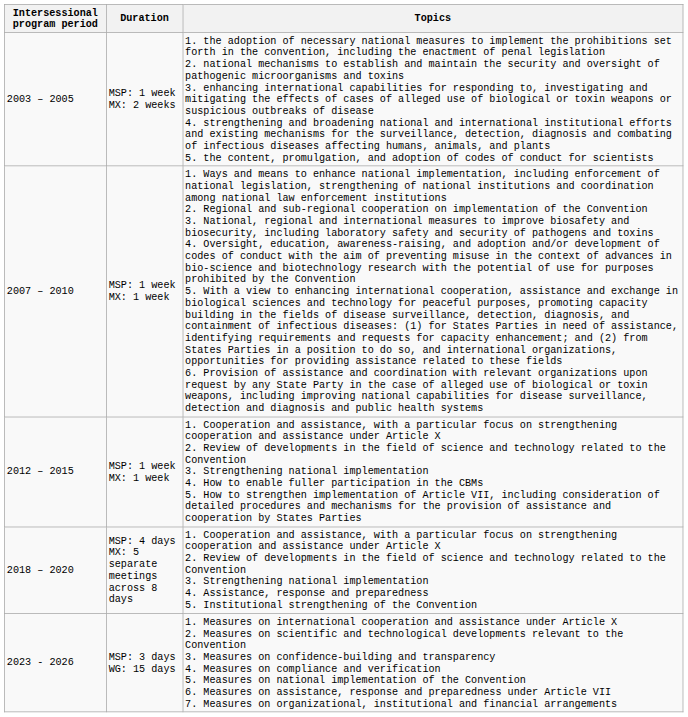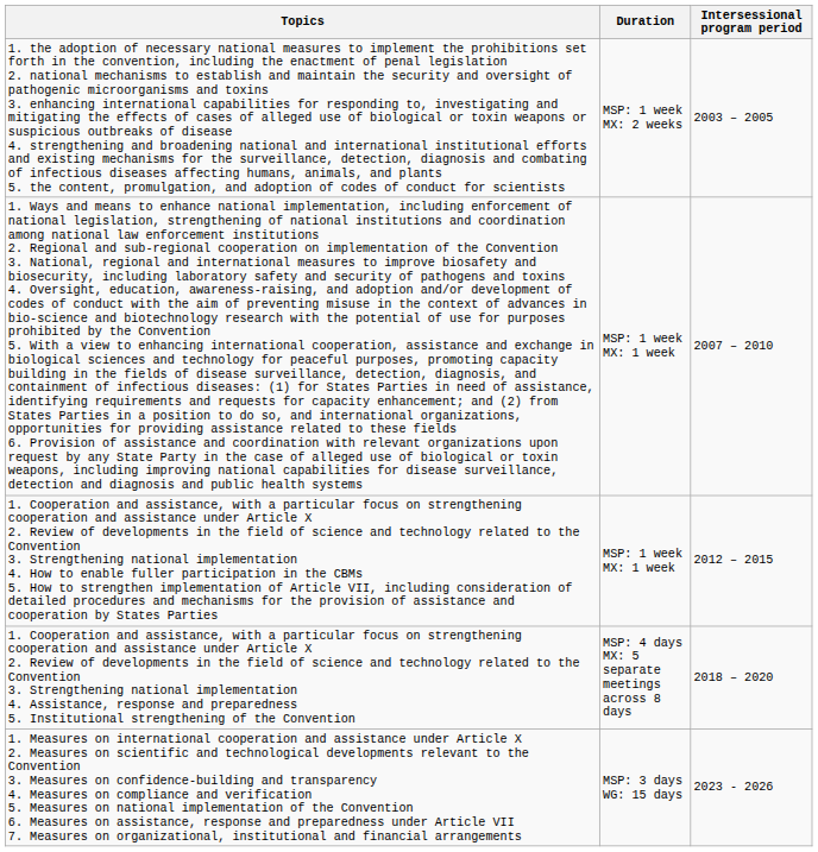 <table class="wikitable">
 <tr>
+<th>Topics</th>
+<th>Duration</th>
 <th>Intersessional program period</th>
-<th>Duration</th>
-<th>Topics</th>
 </tr>
 <tr>
+<td>1. the adoption of necessary national measures to implement the prohibitions set forth in the convention, including the enactment of penal legislation<br>2. national mechanisms to establish and maintain the security and oversight of pathogenic microorganisms and toxins<br>3. enhancing international capabilities for responding to, investigating and mitigating the effects of cases of alleged use of biological or toxin weapons or suspicious outbreaks of disease<br>4. strengthening and broadening national and international institutional efforts and existing mechanisms for the surveillance, detection, diagnosis and combating of infectious diseases affecting humans, animals, and plants<br>5. the content, promulgation, and adoption of codes of conduct for scientists</td>
+<td>MSP: 1 week<br>MX: 2 weeks</td>
 <td>2003 – 2005</td>
-<td>MSP: 1 week<br>MX: 2 weeks</td>
-<td>1. the adoption of necessary national measures to implement the prohibitions set forth in the convention, including the enactment of penal legislation<br>2. national mechanisms to establish and maintain the security and oversight of pathogenic microorganisms and toxins<br>3. enhancing international capabilities for responding to, investigating and mitigating the effects of cases of alleged use of biological or toxin weapons or suspicious outbreaks of disease<br>4. strengthening and broadening national and international institutional efforts and existing mechanisms for the surveillance, detection, diagnosis and combating of infectious diseases affecting humans, animals, and plants<br>5. the content, promulgation, and adoption of codes of conduct for scientists</td>
 </tr>
 <tr>
+<td>1. Ways and means to enhance national implementation, including enforcement of national legislation, strengthening of national institutions and coordination among national law enforcement institutions<br>2. Regional and sub-regional cooperation on implementation of the Convention<br>3. National, regional and international measures to improve biosafety and biosecurity, including laboratory safety and security of pathogens and toxins<br>4. Oversight, education, awareness-raising, and adoption and/or development of codes of conduct with the aim of preventing misuse in the context of advances in bio-science and biotechnology research with the potential of use for purposes prohibited by the Convention<br>5. With a view to enhancing international cooperation, assistance and exchange in biological sciences and technology for peaceful purposes, promoting capacity building in the fields of disease surveillance, detection, diagnosis, and containment of infectious diseases: (1) for States Parties in need of assistance, identifying requirements and requests for capacity enhancement; and (2) from States Parties in a position to do so, and international organizations, opportunities for providing assistance related to these fields<br>6. Provision of assistance and coordination with relevant organizations upon request by any State Party in the case of alleged use of biological or toxin weapons, including improving national capabilities for disease surveillance, detection and diagnosis and public health systems</td>
+<td>MSP: 1 week<br>MX: 1 week</td>
 <td>2007 – 2010</td>
-<td>MSP: 1 week<br>MX: 1 week</td>
-<td>1. Ways and means to enhance national implementation, including enforcement of national legislation, strengthening of national institutions and coordination among national law enforcement institutions<br>2. Regional and sub-regional cooperation on implementation of the Convention<br>3. National, regional and international measures to improve biosafety and biosecurity, including laboratory safety and security of pathogens and toxins<br>4. Oversight, education, awareness-raising, and adoption and/or development of codes of conduct with the aim of preventing misuse in the context of advances in bio-science and biotechnology research with the potential of use for purposes prohibited by the Convention<br>5. With a view to enhancing international cooperation, assistance and exchange in biological sciences and technology for peaceful purposes, promoting capacity building in the fields of disease surveillance, detection, diagnosis, and containment of infectious diseases: (1) for States Parties in need of assistance, identifying requirements and requests for capacity enhancement; and (2) from States Parties in a position to do so, and international organizations, opportunities for providing assistance related to these fields<br>6. Provision of assistance and coordination with relevant organizations upon request by any State Party in the case of alleged use of biological or toxin weapons, including improving national capabilities for disease surveillance, detection and diagnosis and public health systems</td>
 </tr>
 <tr>
+<td>1. Cooperation and assistance, with a particular focus on strengthening cooperation and assistance under Article X<br>2. Review of developments in the field of science and technology related to the Convention<br>3. Strengthening national implementation<br>4. How to enable fuller participation in the CBMs<br>5. How to strengthen implementation of Article VII, including consideration of detailed procedures and mechanisms for the provision of assistance and cooperation by States Parties</td>
+<td>MSP: 1 week<br>MX: 1 week</td>
 <td>2012 – 2015</td>
-<td>MSP: 1 week<br>MX: 1 week</td>
-<td>1. Cooperation and assistance, with a particular focus on strengthening cooperation and assistance under Article X<br>2. Review of developments in the field of science and technology related to the Convention<br>3. Strengthening national implementation<br>4. How to enable fuller participation in the CBMs<br>5. How to strengthen implementation of Article VII, including consideration of detailed procedures and mechanisms for the provision of assistance and cooperation by States Parties</td>
 </tr>
 <tr>
+<td>1. Cooperation and assistance, with a particular focus on strengthening cooperation and assistance under Article X<br>2. Review of developments in the field of science and technology related to the Convention<br>3. Strengthening national implementation<br>4. Assistance, response and preparedness<br>5. Institutional strengthening of the Convention</td>
+<td>MSP: 4 days<br>MX: 5 separate meetings across 8 days</td>
 <td>2018 – 2020</td>
-<td>MSP: 4 days<br>MX: 5 separate meetings across 8 days</td>
-<td>1. Cooperation and assistance, with a particular focus on strengthening cooperation and assistance under Article X<br>2. Review of developments in the field of science and technology related to the Convention<br>3. Strengthening national implementation<br>4. Assistance, response and preparedness<br>5. Institutional strengthening of the Convention</td>
 </tr>
 <tr>
+<td>1. Measures on international cooperation and assistance under Article X<br>2. Measures on scientific and technological developments relevant to the Convention<br>3. Measures on confidence-building and transparency<br>4. Measures on compliance and verification<br>5. Measures on national implementation of the Convention<br>6. Measures on assistance, response and preparedness under Article VII<br>7. Measures on organizational, institutional and financial arrangements</td>
+<td>MSP: 3 days<br>WG: 15 days</td>
 <td>2023 - 2026 </td>
-<td>MSP: 3 days<br>WG: 15 days</td>
-<td>1. Measures on international cooperation and assistance under Article X<br>2. Measures on scientific and technological developments relevant to the Convention<br>3. Measures on confidence-building and transparency<br>4. Measures on compliance and verification<br>5. Measures on national implementation of the Convention<br>6. Measures on assistance, response and preparedness under Article VII<br>7. Measures on organizational, institutional and financial arrangements</td>
 </tr>
 </table>
